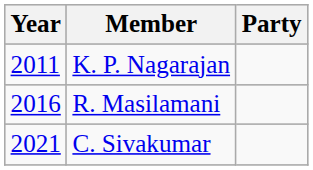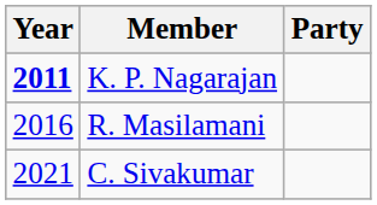 <table class="wikitable sortable">
 <tr>
 <th>Year</th>
 <th>Member</th>
 <th colspan="2">Party</th>
 </tr>
 <tr>
-<td><a href='#'>2011</a></td>
+<td><strong><a href='#'>2011</a></strong></td>
 <td><a href='#'>K. P. Nagarajan</a></td>
 <td></td>
 </tr>
 <tr>
 <td><a href='#'>2016</a></td>
 <td><a href='#'>R. Masilamani</a></td>
 <td></td>
 </tr>
 <tr>
 <td><a href='#'>2021</a></td>
 <td><a href='#'>C. Sivakumar</a></td>
 <td></td>
 </tr>
 </table>
